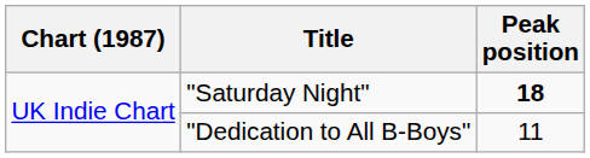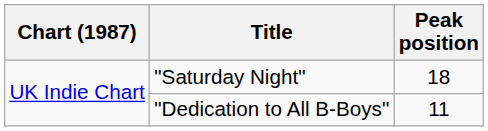 <table class="wikitable">
 <tr>
 <th>Chart (1987)</th>
 <th>Title</th>
 <th>Peak<br>position</th>
 </tr>
 <tr>
 <td rowspan="2"><a href='#'>UK Indie Chart</a></td>
 <td>"Saturday Night"</td>
-<td style="text-align:center;"><strong>18</strong></td>
+<td style="text-align:center;">18</td>
 </tr>
 <tr>
 <td>"Dedication to All B-Boys"</td>
 <td style="text-align:center;">11</td>
 </tr>
 </table>
